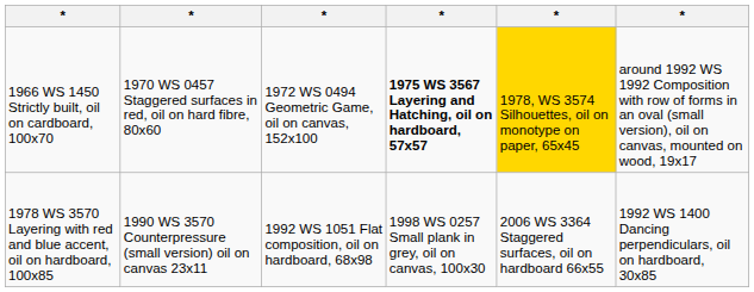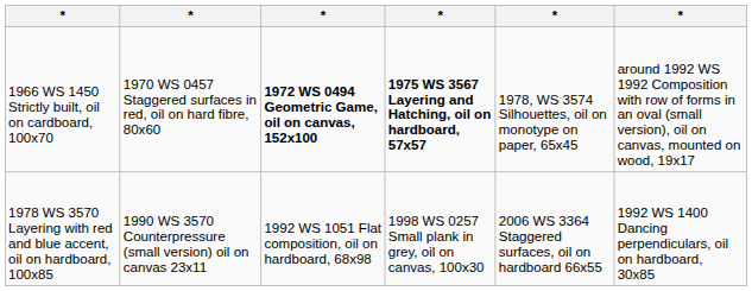 <table class="wikitable">
 <tr class="hintergrundfarbe5">
 <th style="width:10%">*</th>
 <th style="width:8%">*</th>
 <th style="width:10%">*</th>
 <th style="width: 8%">*</th>
 <th style="width:10%">*</th>
 <th style="width:8%">*</th>
 </tr>
 <tr>
 <td><br><br><div>1966 WS 1450 Strictly built, oil on cardboard, 100x70</div></td>
 <td><br><div>1970 WS 0457 Staggered surfaces in red, oil on hard fibre, 80x60</div></td>
-<td><br><br><div>1972 WS 0494 Geometric Game, oil on canvas, 152x100 </div></td>
+<td><strong><br><br><div>1972 WS 0494 Geometric Game, oil on canvas, 152x100 </div></strong></td>
 <td><strong><br><br><div>1975 WS 3567 Layering and Hatching, oil on hardboard, 57x57</div></strong></td>
-<td style="background: gold;"><br><br><br><div>1978, WS 3574 Silhouettes, oil on monotype on paper, 65x45</div></td>
+<td><br><br><br><div>1978, WS 3574 Silhouettes, oil on monotype on paper, 65x45</div></td>
 <td><br><br><div>around 1992 WS 1992 Composition with row of forms in an oval (small version), oil on canvas, mounted on wood, 19x17</div></td>
 </tr>
 <tr>
 <td><br><br><div>1978 WS 3570 Layering with red and blue accent, oil on hardboard, 100x85</div></td>
 <td><br><br><div>1990 WS 3570 Counterpressure (small version) oil on canvas 23x11 </div></td>
 <td><br><br><div>1992 WS 1051 Flat composition, oil on hardboard, 68x98</div></td>
 <td><br><br><div>1998 WS 0257 Small plank in grey, oil on canvas, 100x30 </div></td>
 <td><br><br><div>2006 WS 3364 Staggered surfaces, oil on hardboard 66x55</div></td>
 <td><br><br><div>1992 WS 1400 Dancing perpendiculars, oil on hardboard, 30x85</div></td>
 </tr>
 </table>
